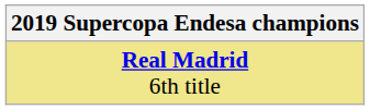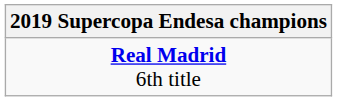 <table class=wikitable style="text-align:center; margin:auto">
 <tr>
 <th>2019 Supercopa Endesa champions</th>
 </tr>
 <tr>
-<td style="background: khaki;"><strong><a href='#'>Real Madrid</a></strong><br>6th title</td>
+<td><strong><a href='#'>Real Madrid</a></strong><br>6th title</td>
 </tr>
 </table>
